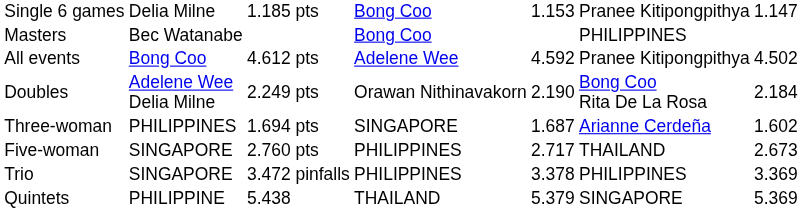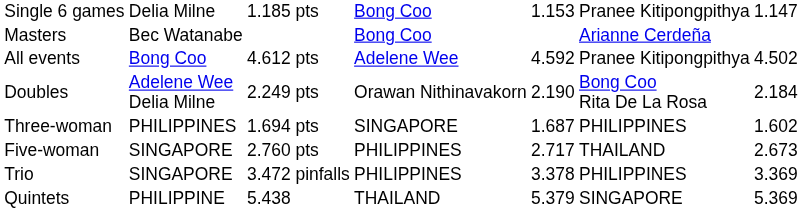 <table>
 <tr>
 <td>Single 6 games</td>
 <td> Delia Milne</td>
 <td>1.185 pts</td>
 <td> <a href='#'>Bong Coo</a></td>
 <td>1.153</td>
 <td> Pranee Kitipongpithya</td>
 <td>1.147</td>
 </tr>
 <tr>
 <td>Masters</td>
 <td> Bec Watanabe</td>
 <td></td>
 <td> <a href='#'>Bong Coo</a></td>
 <td></td>
-<td> PHILIPPINES</td>
+<td> <a href='#'>Arianne Cerdeña</a></td>
 <td></td>
 </tr>
 <tr>
 <td>All events</td>
 <td> <a href='#'>Bong Coo</a></td>
 <td>4.612 pts</td>
 <td> <a href='#'>Adelene Wee</a></td>
 <td>4.592</td>
 <td> Pranee Kitipongpithya</td>
 <td>4.502</td>
 </tr>
 <tr>
 <td>Doubles</td>
 <td> <a href='#'>Adelene Wee</a> <br>  Delia Milne</td>
 <td>2.249 pts</td>
 <td> Orawan Nithinavakorn <br> </td>
 <td>2.190</td>
 <td> <a href='#'>Bong Coo</a> <br>  Rita De La Rosa</td>
 <td>2.184</td>
 </tr>
 <tr>
 <td>Three-woman</td>
 <td> PHILIPPINES</td>
 <td>1.694 pts</td>
 <td> SINGAPORE</td>
 <td>1.687</td>
-<td> <a href='#'>Arianne Cerdeña</a></td>
+<td> PHILIPPINES</td>
 <td>1.602</td>
 </tr>
 <tr>
 <td>Five-woman</td>
 <td> SINGAPORE</td>
 <td>2.760 pts</td>
 <td> PHILIPPINES</td>
 <td>2.717</td>
 <td> THAILAND</td>
 <td>2.673</td>
 </tr>
 <tr>
 <td>Trio</td>
 <td> SINGAPORE</td>
 <td>3.472 pinfalls</td>
 <td> PHILIPPINES</td>
 <td>3.378</td>
 <td> PHILIPPINES</td>
 <td>3.369</td>
 </tr>
 <tr>
 <td>Quintets</td>
 <td> PHILIPPINE</td>
 <td>5.438</td>
 <td> THAILAND</td>
 <td>5.379</td>
 <td> SINGAPORE</td>
 <td>5.369</td>
 </tr>
 </table>
